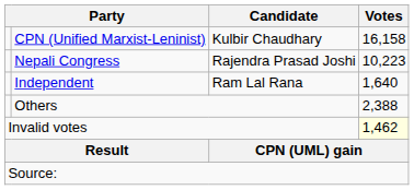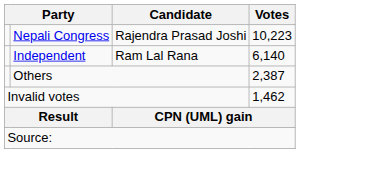 <table class="wikitable">
 <tr>
 <th colspan="2">Party</th>
 <th>Candidate</th>
 <th>Votes</th>
-</tr>
-<tr>
-<td style="background-color:"></td>
-<td><a href='#'>CPN (Unified Marxist-Leninist)</a></td>
-<td>Kulbir Chaudhary</td>
-<td>16,158</td>
 </tr>
 <tr>
 <td style="background-color:"></td>
 <td><a href='#'>Nepali Congress</a></td>
 <td>Rajendra Prasad Joshi</td>
 <td>10,223</td>
 </tr>
 <tr>
 <td style="background-color:"></td>
 <td><a href='#'>Independent</a></td>
 <td>Ram Lal Rana</td>
-<td>1,640</td>
+<td>6,140</td>
 </tr>
 <tr>
 <td></td>
 <td colspan="2">Others</td>
-<td>2,388</td>
+<td>2,387</td>
 </tr>
 <tr>
 <td colspan="3">Invalid votes</td>
-<td style="background: lightyellow;">1,462</td>
+<td>1,462</td>
 </tr>
 <tr>
 <th colspan="2">Result</th>
 <th colspan="2">CPN (UML) gain</th>
 </tr>
 <tr>
 <td colspan="4">Source: </td>
 </tr>
 </table>
